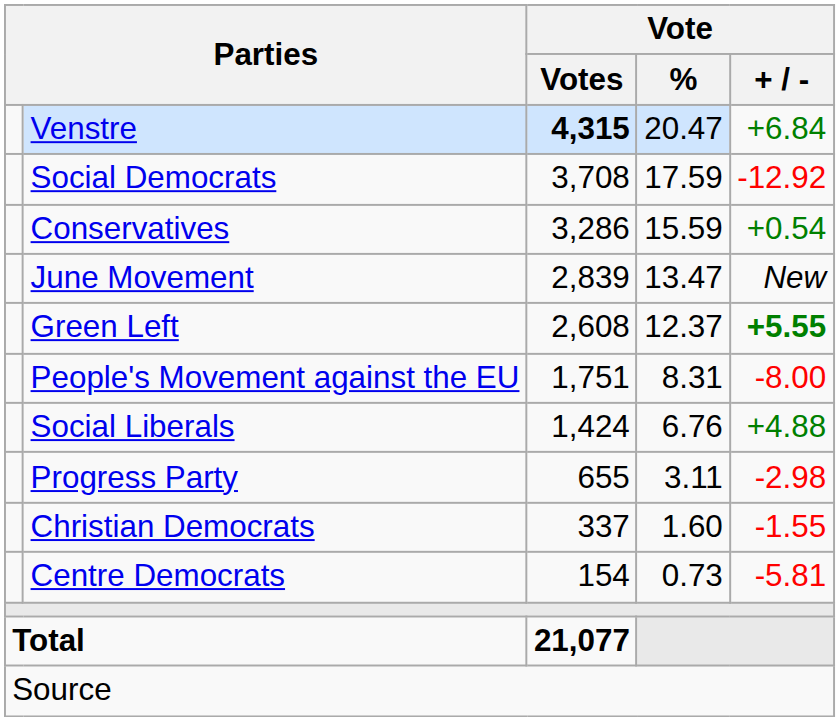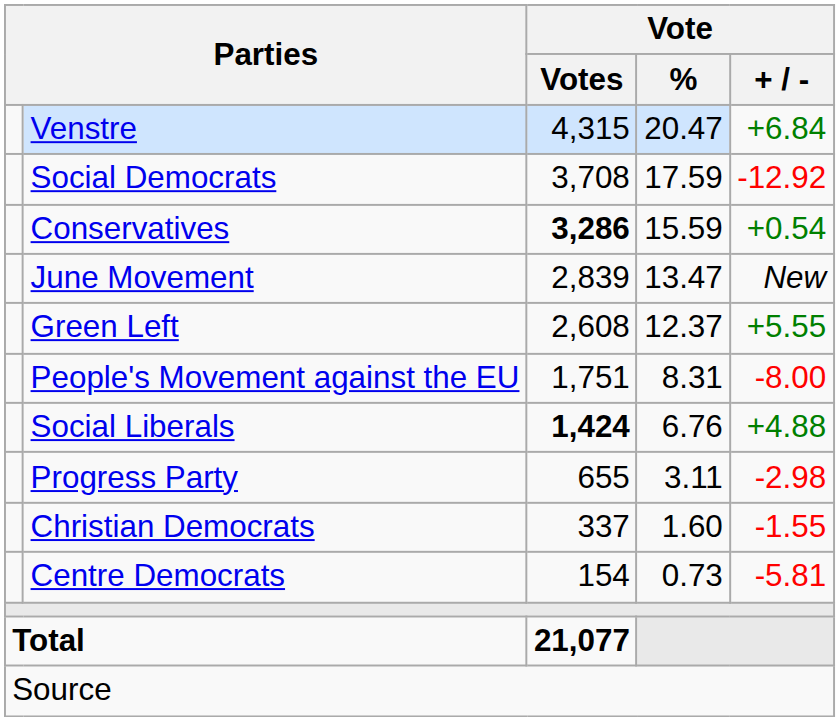 <table class="wikitable" style="text-align:right;">
 <tr>
 <th style="text-align:centre;" rowspan="2" colspan="2" width="225">Parties</th>
 <th colspan="3">Vote</th>
 </tr>
 <tr>
 <th width="15">Votes</th>
 <th width="15">%</th>
 <th width="15">+ / -</th>
 </tr>
 <tr>
 <td width="2" style="color:inherit;background:"></td>
 <td bgcolor=#cfe5fe   align="left"><a href='#'>Venstre</a></td>
-<td bgcolor=#cfe5fe><strong>4,315</strong></td>
+<td bgcolor=#cfe5fe>4,315</td>
 <td bgcolor=#cfe5fe>20.47</td>
 <td style=color:green;>+6.84</td>
 </tr>
 <tr>
 <td width="2" style="color:inherit;background:"></td>
 <td align="left"><a href='#'>Social Democrats</a></td>
 <td>3,708</td>
 <td>17.59</td>
 <td style=color:red;>-12.92</td>
 </tr>
 <tr>
 <td width="2" style="color:inherit;background:"></td>
 <td align="left"><a href='#'>Conservatives</a></td>
-<td>3,286</td>
+<td><strong>3,286</strong></td>
 <td>15.59</td>
 <td style=color:green;>+0.54</td>
 </tr>
 <tr>
 <td width="2" style="color:inherit;background:"></td>
 <td align="left"><a href='#'>June Movement</a></td>
 <td>2,839</td>
 <td>13.47</td>
 <td><em>New</em></td>
 </tr>
 <tr>
 <td width="2" style="color:inherit;background:"></td>
 <td align="left"><a href='#'>Green Left</a></td>
 <td>2,608</td>
 <td>12.37</td>
-<td style=color:green;><strong>+5.55</strong></td>
+<td style=color:green;>+5.55</td>
 </tr>
 <tr>
 <td width="2" style="color:inherit;background:"></td>
 <td align="left"><a href='#'>People's Movement against the EU</a></td>
 <td>1,751</td>
 <td>8.31</td>
 <td style=color:red;>-8.00</td>
 </tr>
 <tr>
 <td width="2" style="color:inherit;background:"></td>
 <td align="left"><a href='#'>Social Liberals</a></td>
-<td>1,424</td>
+<td><strong>1,424</strong></td>
 <td>6.76</td>
 <td style=color:green;>+4.88</td>
 </tr>
 <tr>
 <td width="2" style="color:inherit;background:"></td>
 <td align="left"><a href='#'>Progress Party</a></td>
 <td>655</td>
 <td>3.11</td>
 <td style=color:red;>-2.98</td>
 </tr>
 <tr>
 <td width="2" style="color:inherit;background:"></td>
 <td align="left"><a href='#'>Christian Democrats</a></td>
 <td>337</td>
 <td>1.60</td>
 <td style=color:red;>-1.55</td>
 </tr>
 <tr>
 <td width="2" style="color:inherit;background:"></td>
 <td align="left"><a href='#'>Centre Democrats</a></td>
 <td>154</td>
 <td>0.73</td>
 <td style=color:red;>-5.81</td>
 </tr>
 <tr>
 <td colspan="7" bgcolor="#E9E9E9"></td>
 </tr>
 <tr>
 <td align="left" colspan="2"><strong>Total</strong></td>
 <td><strong>21,077</strong></td>
 <td bgcolor="#E9E9E9" colspan="2"></td>
 </tr>
 <tr>
 <td align="left" colspan="6">Source</td>
 </tr>
 </table>
